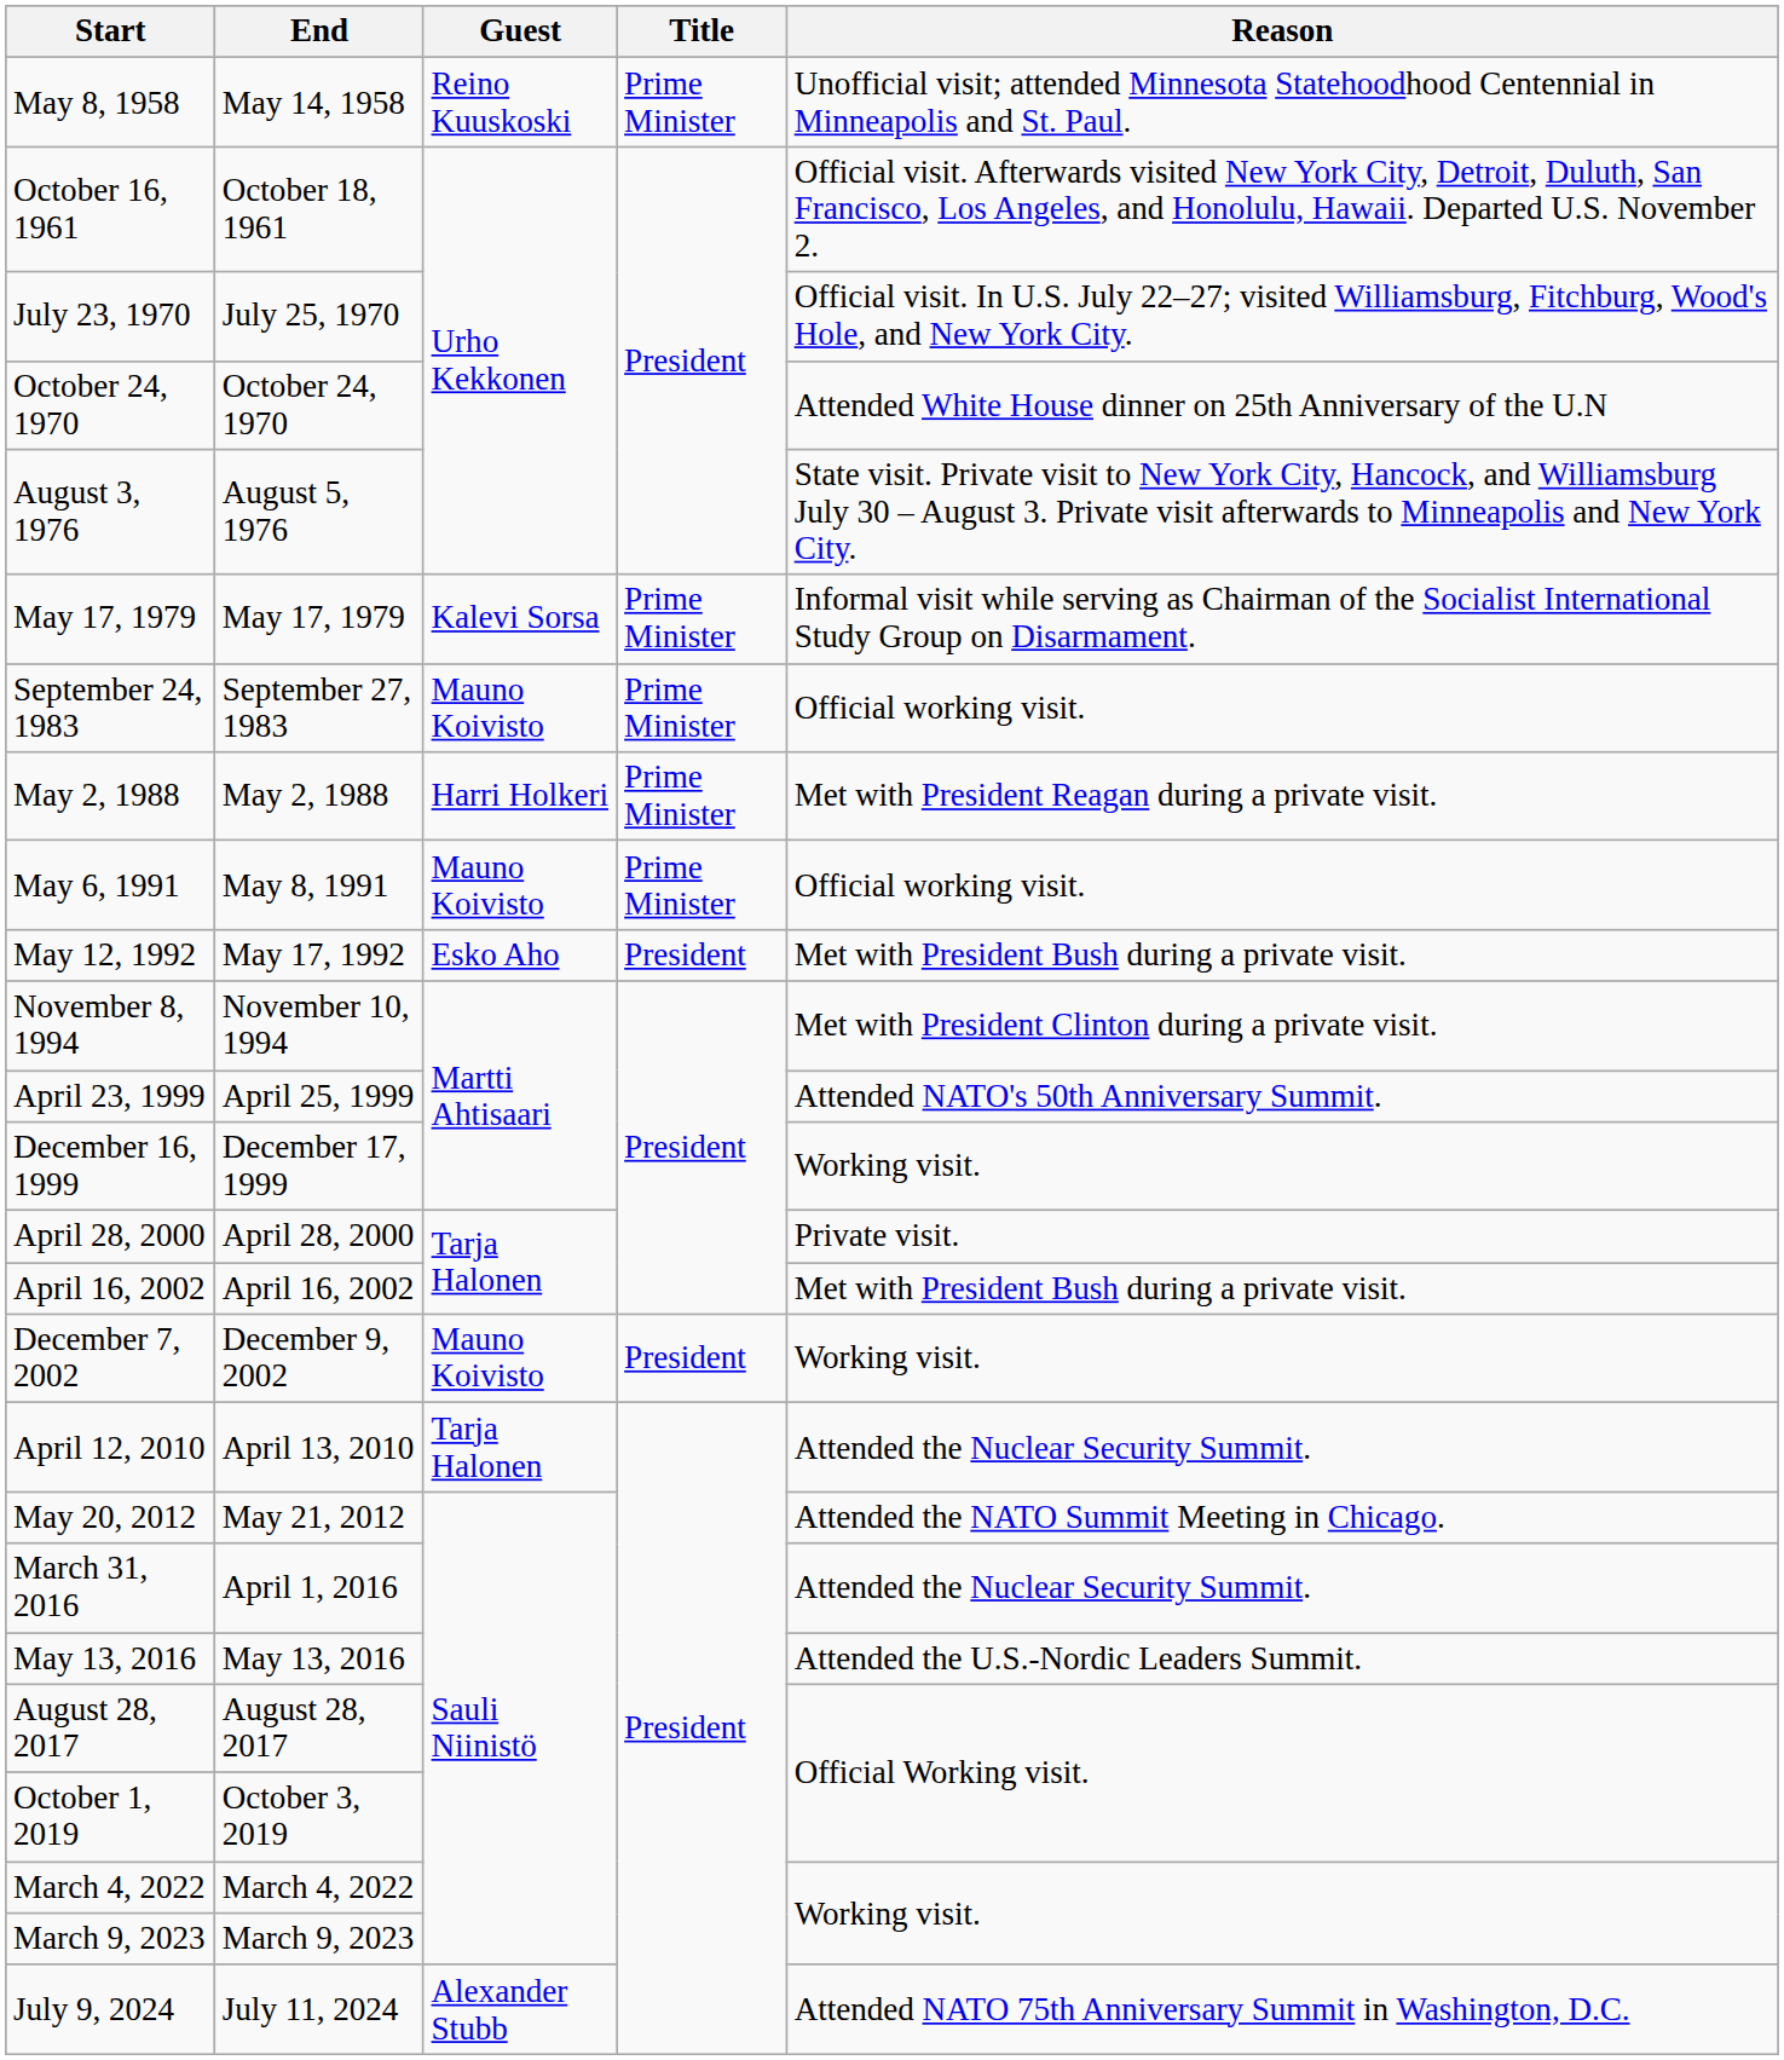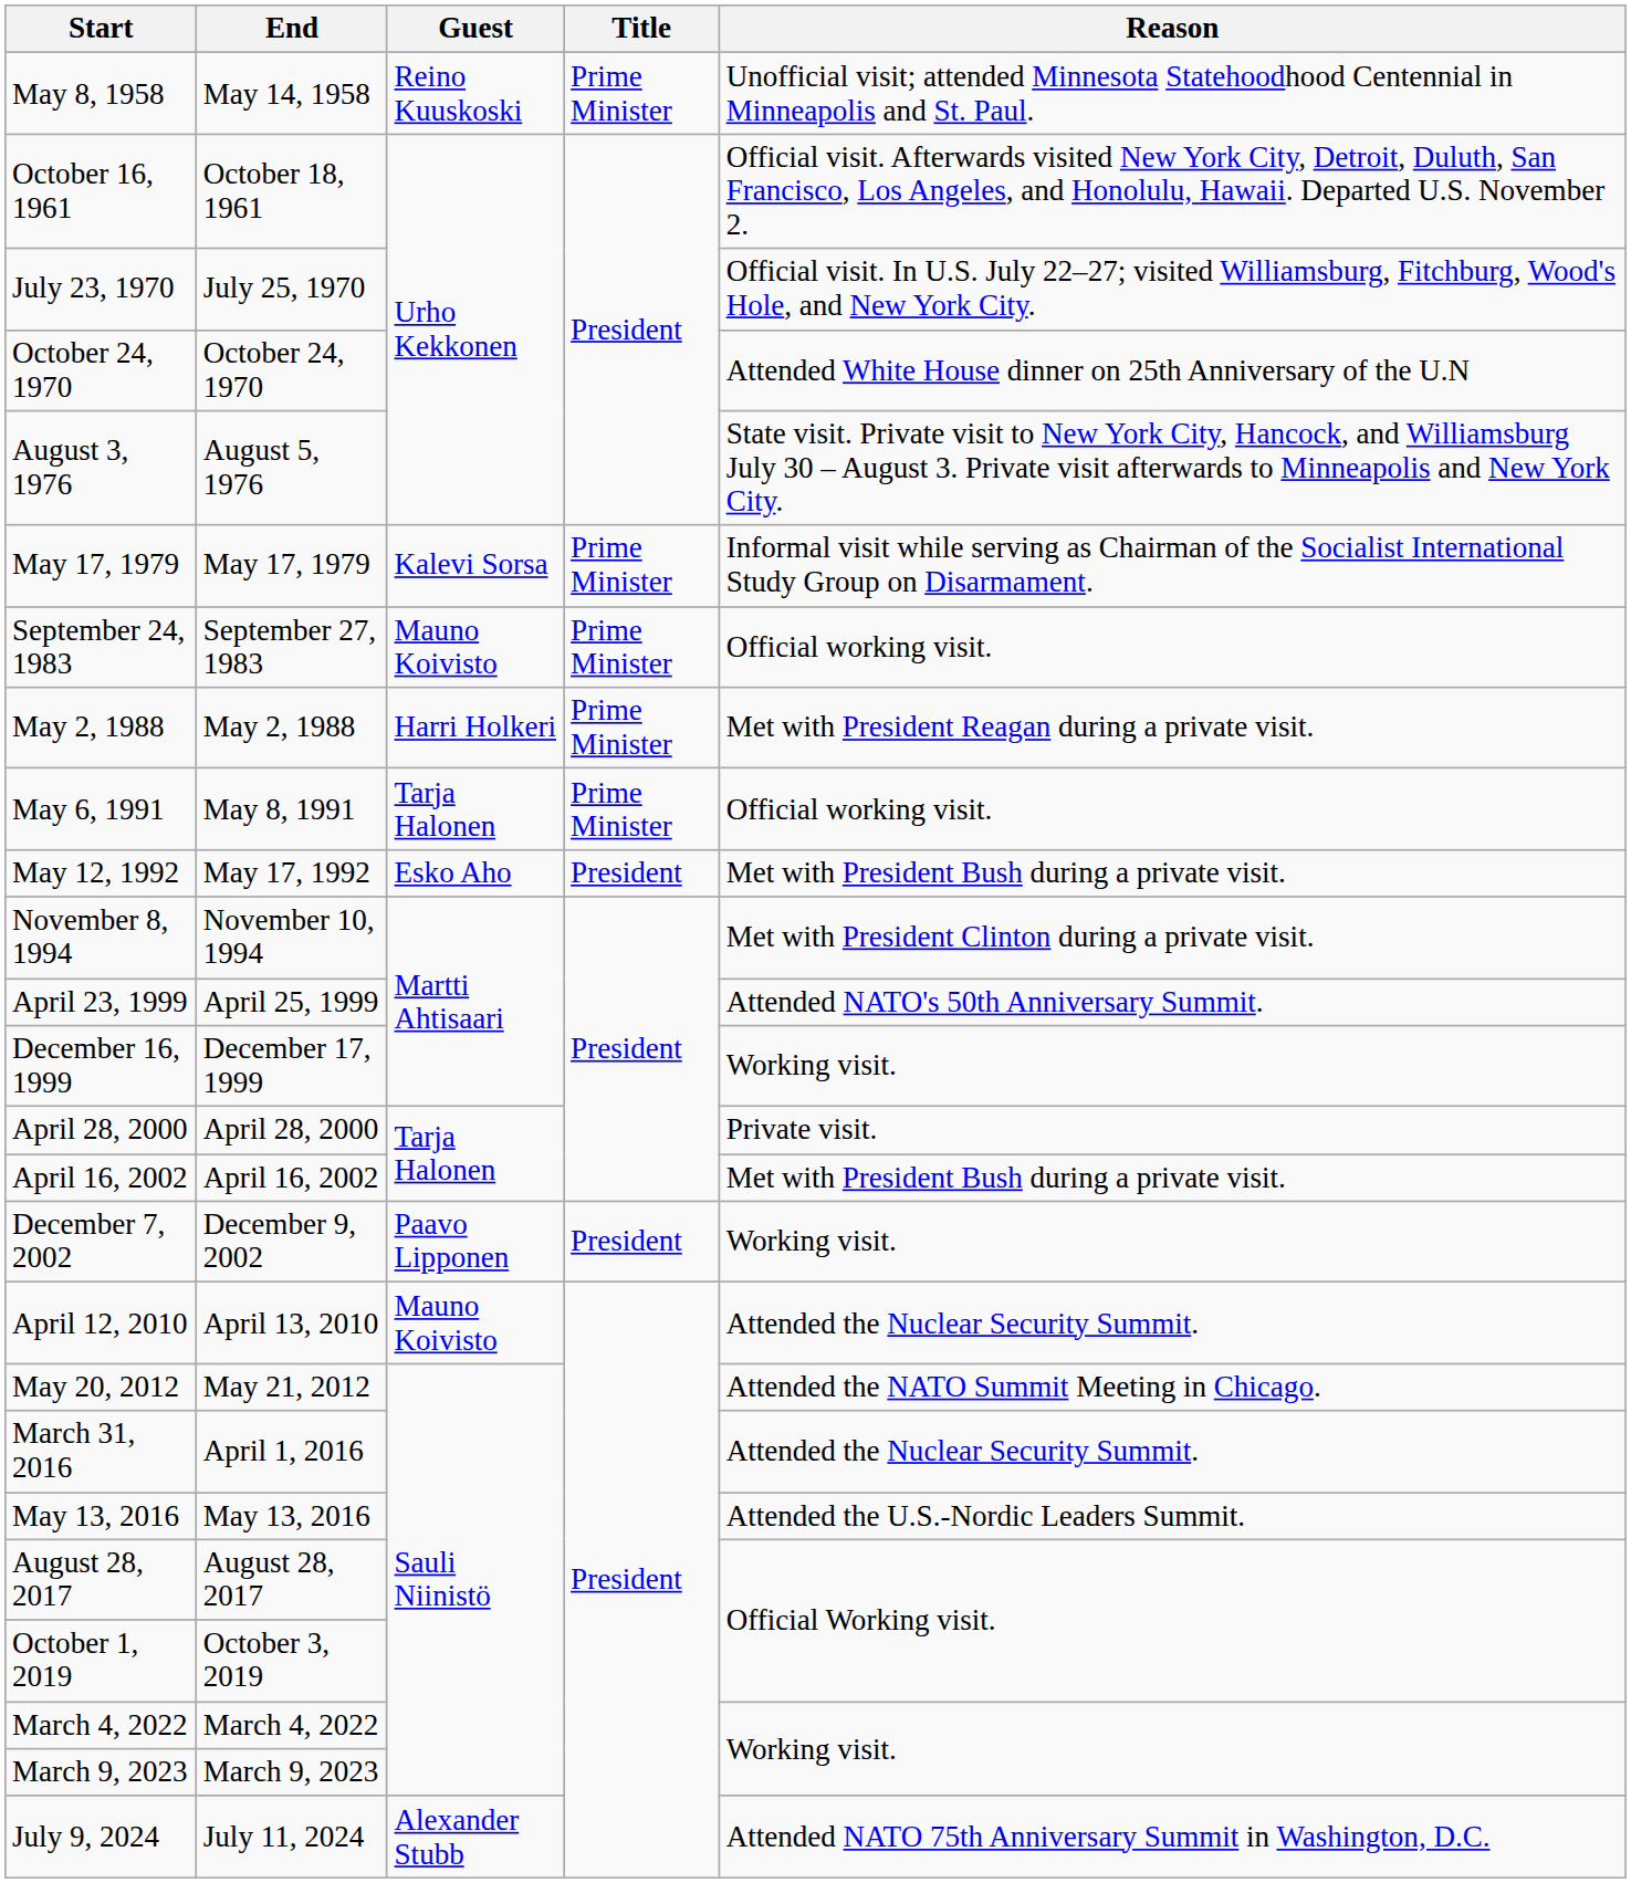 <table class="wikitable sortable">
 <tr>
 <th>Start</th>
 <th>End</th>
 <th>Guest</th>
 <th>Title</th>
 <th>Reason</th>
 </tr>
 <tr>
 <td>May 8, 1958</td>
 <td>May 14, 1958</td>
 <td><a href='#'>Reino Kuuskoski</a></td>
 <td><a href='#'>Prime Minister</a></td>
 <td>Unofficial visit; attended <a href='#'>Minnesota</a> <a href='#'>Statehood</a>hood Centennial in <a href='#'>Minneapolis</a> and <a href='#'>St. Paul</a>.</td>
 </tr>
 <tr>
 <td>October 16, 1961</td>
 <td>October 18, 1961</td>
 <td rowspan=4><a href='#'>Urho Kekkonen</a></td>
 <td rowspan=4><a href='#'>President</a></td>
 <td>Official visit. Afterwards visited <a href='#'>New York City</a>, <a href='#'>Detroit</a>, <a href='#'>Duluth</a>, <a href='#'>San Francisco</a>, <a href='#'>Los Angeles</a>, and <a href='#'>Honolulu, Hawaii</a>. Departed U.S. November 2.</td>
 </tr>
 <tr>
 <td>July 23, 1970</td>
 <td>July 25, 1970</td>
 <td>Official visit. In U.S. July 22–27; visited <a href='#'>Williamsburg</a>, <a href='#'>Fitchburg</a>, <a href='#'>Wood's Hole</a>, and <a href='#'>New York City</a>.</td>
 </tr>
 <tr>
 <td>October 24, 1970</td>
 <td>October 24, 1970</td>
 <td>Attended <a href='#'>White House</a> dinner on 25th Anniversary of the U.N</td>
 </tr>
 <tr>
 <td>August 3, 1976</td>
 <td>August 5, 1976</td>
 <td>State visit. Private visit to <a href='#'>New York City</a>, <a href='#'>Hancock</a>, and <a href='#'>Williamsburg</a> July 30 – August 3. Private visit afterwards to <a href='#'>Minneapolis</a> and <a href='#'>New York City</a>.</td>
 </tr>
 <tr>
 <td>May 17, 1979</td>
 <td>May 17, 1979</td>
 <td><a href='#'>Kalevi Sorsa</a></td>
 <td><a href='#'>Prime Minister</a></td>
 <td>Informal visit while serving as Chairman of the <a href='#'>Socialist International</a> Study Group on <a href='#'>Disarmament</a>.</td>
 </tr>
 <tr>
 <td>September 24, 1983</td>
 <td>September 27, 1983</td>
 <td><a href='#'>Mauno Koivisto</a></td>
 <td><a href='#'>Prime Minister</a></td>
 <td>Official working visit.</td>
 </tr>
 <tr>
 <td>May 2, 1988</td>
 <td>May 2, 1988</td>
 <td><a href='#'>Harri Holkeri</a></td>
 <td><a href='#'>Prime Minister</a></td>
 <td>Met with <a href='#'>President Reagan</a> during a private visit.</td>
 </tr>
 <tr>
 <td>May 6, 1991</td>
 <td>May 8, 1991</td>
-<td><a href='#'>Mauno Koivisto</a></td>
+<td><a href='#'>Tarja Halonen</a></td>
 <td><a href='#'>Prime Minister</a></td>
 <td>Official working visit.</td>
 </tr>
 <tr>
 <td>May 12, 1992</td>
 <td>May 17, 1992</td>
 <td><a href='#'>Esko Aho</a></td>
 <td><a href='#'>President</a></td>
 <td>Met with <a href='#'>President Bush</a> during a private visit.</td>
 </tr>
 <tr>
 <td>November 8, 1994</td>
 <td>November 10, 1994</td>
 <td rowspan=3><a href='#'>Martti Ahtisaari</a></td>
 <td rowspan="5"><a href='#'>President</a></td>
 <td>Met with <a href='#'>President Clinton</a> during a private visit.</td>
 </tr>
 <tr>
 <td>April 23, 1999</td>
 <td>April 25, 1999</td>
 <td>Attended <a href='#'>NATO's 50th Anniversary Summit</a>.</td>
 </tr>
 <tr>
 <td>December 16, 1999</td>
 <td>December 17, 1999</td>
 <td>Working visit.</td>
 </tr>
 <tr>
 <td>April 28, 2000</td>
 <td>April 28, 2000</td>
 <td rowspan=2><a href='#'>Tarja Halonen</a></td>
 <td>Private visit.</td>
 </tr>
 <tr>
 <td>April 16, 2002</td>
 <td>April 16, 2002</td>
 <td>Met with <a href='#'>President Bush</a> during a private visit.</td>
 </tr>
 <tr>
 <td>December 7, 2002</td>
 <td>December 9, 2002</td>
-<td><a href='#'>Mauno Koivisto</a></td>
+<td><a href='#'>Paavo Lipponen</a></td>
 <td><a href='#'>President</a></td>
 <td>Working visit.</td>
 </tr>
 <tr>
 <td>April 12, 2010</td>
 <td>April 13, 2010</td>
-<td><a href='#'>Tarja Halonen</a></td>
+<td><a href='#'>Mauno Koivisto</a></td>
 <td rowspan="9"><a href='#'>President</a></td>
 <td>Attended the <a href='#'>Nuclear Security Summit</a>.</td>
 </tr>
 <tr>
 <td>May 20, 2012</td>
 <td>May 21, 2012</td>
 <td rowspan=7><a href='#'>Sauli Niinistö</a></td>
 <td>Attended the <a href='#'>NATO Summit</a> Meeting in <a href='#'>Chicago</a>.</td>
 </tr>
 <tr>
 <td>March 31, 2016</td>
 <td>April 1, 2016</td>
 <td>Attended the <a href='#'>Nuclear Security Summit</a>.</td>
 </tr>
 <tr>
 <td>May 13, 2016</td>
 <td>May 13, 2016</td>
 <td>Attended the U.S.-Nordic Leaders Summit.</td>
 </tr>
 <tr>
 <td>August 28, 2017</td>
 <td>August 28, 2017</td>
 <td rowspan=2>Official Working visit.</td>
 </tr>
 <tr>
 <td>October 1, 2019</td>
 <td>October 3, 2019</td>
 </tr>
 <tr>
 <td>March 4, 2022</td>
 <td>March 4, 2022</td>
 <td rowspan=2>Working visit.</td>
 </tr>
 <tr>
 <td>March 9, 2023</td>
 <td>March 9, 2023</td>
 </tr>
 <tr>
 <td>July 9, 2024</td>
 <td>July 11, 2024</td>
 <td><a href='#'>Alexander Stubb</a></td>
 <td>Attended <a href='#'>NATO 75th Anniversary Summit</a> in <a href='#'>Washington, D.C.</a></td>
 </tr>
 </table>
